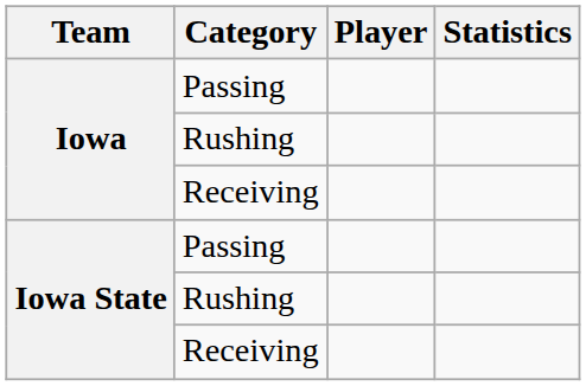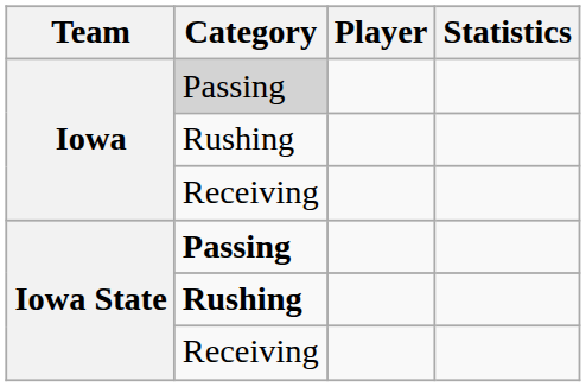 <table class="wikitable" style="float:right">
 <tr>
 <th>Team</th>
 <th>Category</th>
 <th>Player</th>
 <th>Statistics</th>
 </tr>
 <tr>
 <th rowspan=3>Iowa</th>
-<td>Passing</td>
+<td style="background: lightgrey;">Passing</td>
 <td></td>
 <td></td>
 </tr>
 <tr>
 <td>Rushing</td>
 <td></td>
 <td></td>
 </tr>
 <tr>
 <td>Receiving</td>
 <td></td>
 <td></td>
 </tr>
 <tr>
 <th rowspan=3>Iowa State</th>
-<td>Passing</td>
+<td><strong>Passing</strong></td>
 <td></td>
 <td></td>
 </tr>
 <tr>
-<td>Rushing</td>
+<td><strong>Rushing</strong></td>
 <td></td>
 <td></td>
 </tr>
 <tr>
 <td>Receiving</td>
 <td></td>
 <td></td>
 </tr>
 </table>
